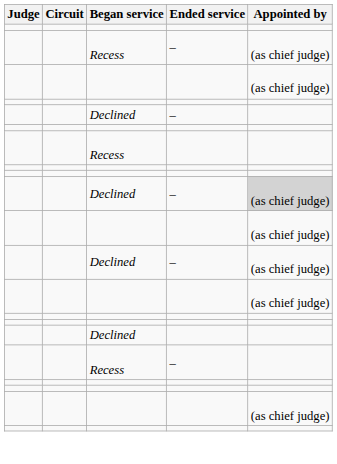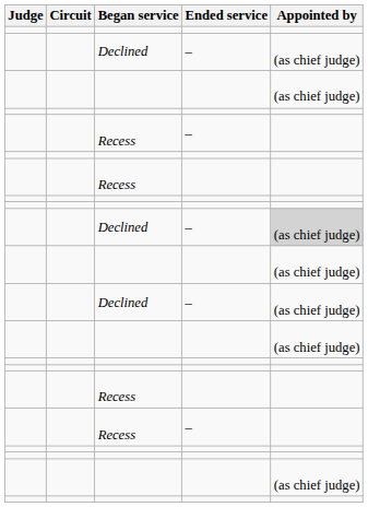 <table class="sortable wikitable">
 <tr>
 <th>Judge</th>
 <th>Circuit</th>
 <th>Began service</th>
 <th>Ended service</th>
 <th>Appointed by</th>
 </tr>
 <tr>
 <td></td>
 <td></td>
 <td></td>
 <td></td>
 <td></td>
 </tr>
 <tr>
 <td></td>
 <td></td>
-<td><br><em>Recess</em></td>
+<td><em>Declined</em></td>
 <td>–</td>
 <td><br>(as chief judge)</td>
 </tr>
 <tr>
 <td></td>
 <td></td>
 <td></td>
 <td></td>
 <td><br>(as chief judge)</td>
 </tr>
 <tr>
 <td></td>
 <td></td>
 <td></td>
 <td></td>
 <td></td>
 </tr>
 <tr>
 <td></td>
 <td></td>
-<td><em>Declined</em></td>
+<td><br><em>Recess</em></td>
 <td>–</td>
 <td></td>
 </tr>
 <tr>
 <td></td>
 <td></td>
 <td></td>
 <td></td>
 <td></td>
 </tr>
 <tr>
 <td></td>
 <td></td>
 <td><br><em>Recess</em></td>
 <td></td>
 <td></td>
 </tr>
 <tr>
 <td></td>
 <td></td>
 <td></td>
 <td></td>
 <td></td>
 </tr>
 <tr>
 <td></td>
 <td></td>
 <td></td>
 <td></td>
 <td></td>
 </tr>
 <tr>
 <td></td>
 <td></td>
 <td><em>Declined</em></td>
 <td>–</td>
 <td style="background: lightgrey;"><br>(as chief judge)</td>
 </tr>
 <tr>
 <td></td>
 <td></td>
 <td></td>
 <td></td>
 <td><br>(as chief judge)</td>
 </tr>
 <tr>
 <td></td>
 <td></td>
 <td><em>Declined</em></td>
 <td>–</td>
 <td><br>(as chief judge)</td>
 </tr>
 <tr>
 <td></td>
 <td></td>
 <td></td>
 <td></td>
 <td><br>(as chief judge)</td>
 </tr>
 <tr>
 <td></td>
 <td></td>
 <td></td>
 <td></td>
 <td></td>
 </tr>
 <tr>
 <td></td>
 <td></td>
 <td></td>
 <td></td>
 <td></td>
 </tr>
 <tr>
 <td></td>
 <td></td>
-<td><em>Declined</em></td>
+<td><br><em>Recess</em></td>
 <td></td>
 <td></td>
 </tr>
 <tr>
 <td></td>
 <td></td>
 <td><br><em>Recess</em></td>
 <td>–</td>
 <td></td>
 </tr>
 <tr>
 <td></td>
 <td></td>
 <td></td>
 <td></td>
 <td></td>
 </tr>
 <tr>
 <td></td>
 <td></td>
 <td></td>
 <td></td>
 <td></td>
 </tr>
 <tr>
 <td></td>
 <td></td>
 <td></td>
 <td></td>
 <td><br>(as chief judge)</td>
 </tr>
 <tr>
 <td></td>
 <td></td>
 <td></td>
 <td></td>
 <td></td>
 </tr>
 </table>
